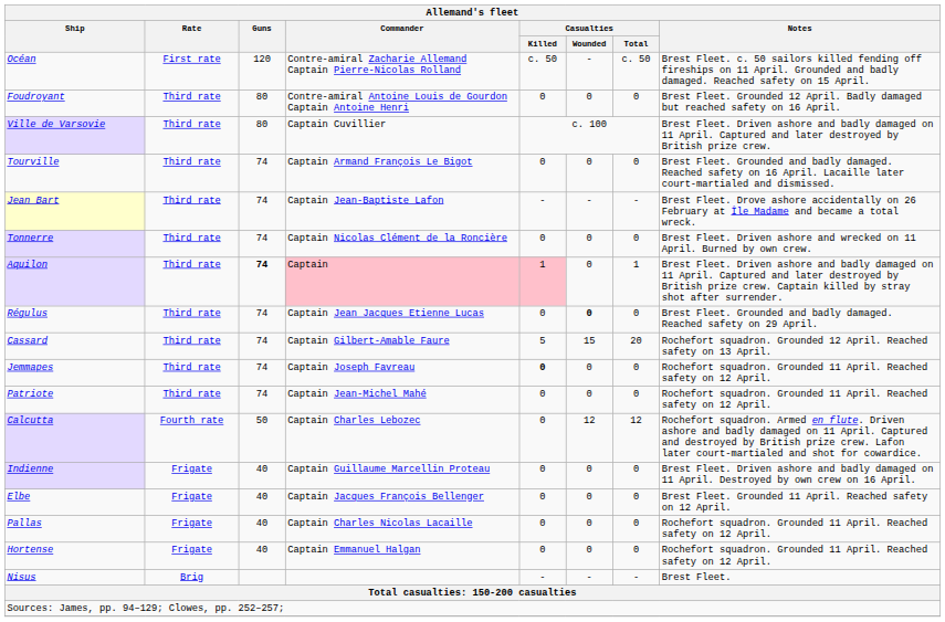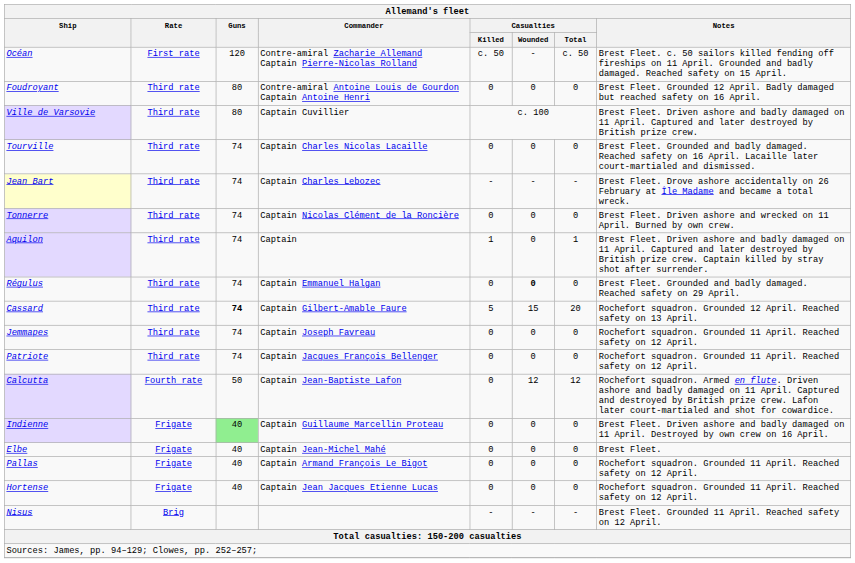 <table class="wikitable" width=100%>
 <tr valign="top">
 <th colspan="11" bgcolor="white">Allemand's fleet</th>
 </tr>
 <tr valign="top"|- valign="top">
 <th width=15%; align= center rowspan=2><small> Ship </small></th>
 <th width=10%; align= center rowspan=2><small> Rate </small></th>
 <th width=5%; align= center rowspan=2><small> Guns </small></th>
 <th width=25%; align= center rowspan=2><small> Commander </small></th>
 <th width=15%; align= center colspan=3><small>Casualties</small></th>
 <th width=30%; align= center rowspan=2><small>Notes</small></th>
 </tr>
 <tr valign="top">
 <th width=5%; align= center><small> Killed </small></th>
 <th width=5%; align= center><small> Wounded </small></th>
 <th width=5%; align= center><small> Total</small></th>
 </tr>
 <tr valign="top">
 <td align= left><a href='#'><em>Océan</em></a></td>
 <td align= center><a href='#'>First rate</a></td>
 <td align= center>120</td>
 <td align= left>Contre-amiral <a href='#'>Zacharie Allemand</a> <br>Captain <a href='#'>Pierre-Nicolas Rolland</a></td>
 <td align= center>c. 50</td>
 <td align= center>-</td>
 <td align= center>c. 50</td>
 <td align= left>Brest Fleet. c. 50 sailors killed fending off fireships on 11 April. Grounded and badly damaged. Reached safety on 15 April.</td>
 </tr>
 <tr valign="top">
 <td align= left><a href='#'><em>Foudroyant</em></a></td>
 <td align= center><a href='#'>Third rate</a></td>
 <td align= center>80</td>
 <td align= left>Contre-amiral <a href='#'>Antoine Louis de Gourdon</a><br>Captain <a href='#'>Antoine Henri</a></td>
 <td align= center>0</td>
 <td align= center>0</td>
 <td align= center>0</td>
 <td align= left>Brest Fleet. Grounded 12 April. Badly damaged but reached safety on 16 April.</td>
 </tr>
 <tr valign="top">
 <td bgcolor="#e3d9ff" align= left><a href='#'><em>Ville de Varsovie</em></a></td>
 <td align= center><a href='#'>Third rate</a></td>
 <td align= center>80</td>
 <td align= left>Captain Cuvillier </td>
 <td colspan="3" align="center">c. 100</td>
 <td align= left>Brest Fleet. Driven ashore and badly damaged on 11 April. Captured and later destroyed by British prize crew.</td>
 </tr>
 <tr valign="top">
 <td align= left><a href='#'><em>Tourville</em></a></td>
 <td align= center><a href='#'>Third rate</a></td>
 <td align= center>74</td>
-<td align= left>Captain <a href='#'>Armand François Le Bigot</a></td>
+<td align= left>Captain <a href='#'>Charles Nicolas Lacaille</a></td>
 <td align= center>0</td>
 <td align= center>0</td>
 <td align= center>0</td>
 <td align= left>Brest Fleet. Grounded and badly damaged. Reached safety on 16 April. Lacaille later court-martialed and dismissed.</td>
 </tr>
 <tr valign="top">
 <td style="background:#FFFFCC; align= left"><a href='#'><em>Jean Bart</em></a></td>
 <td align= center><a href='#'>Third rate</a></td>
 <td align= center>74</td>
-<td align= left>Captain <a href='#'>Jean-Baptiste Lafon</a></td>
+<td align= left>Captain <a href='#'>Charles Lebozec</a></td>
 <td align= center>-</td>
 <td align= center>-</td>
 <td align= center>-</td>
 <td align= left>Brest Fleet. Drove ashore accidentally on 26 February at <a href='#'>Île Madame</a> and became a total wreck.</td>
 </tr>
 <tr valign="top">
 <td bgcolor="#e3d9ff" align= left><a href='#'><em>Tonnerre</em></a></td>
 <td align= center><a href='#'>Third rate</a></td>
 <td align= center>74</td>
 <td align= left>Captain <a href='#'>Nicolas Clément de la Roncière</a></td>
 <td align= center>0</td>
 <td align= center>0</td>
 <td align= center>0</td>
 <td align= left>Brest Fleet. Driven ashore and wrecked on 11 April. Burned by own crew.</td>
 </tr>
 <tr valign="top">
 <td bgcolor="#e3d9ff" align= left><a href='#'><em>Aquilon</em></a></td>
 <td align= center><a href='#'>Third rate</a></td>
-<td align= center><strong>74</strong></td>
-<td align= left style="background: pink;">Captain  </td>
-<td align= center style="background: pink;">1</td>
+<td align= center>74</td>
+<td align= left>Captain  </td>
+<td align= center>1</td>
 <td align= center>0</td>
 <td align= center>1</td>
 <td align= left>Brest Fleet. Driven ashore and badly damaged on 11 April. Captured and later destroyed by British prize crew. Captain killed by stray shot after surrender.</td>
 </tr>
 <tr valign="top">
 <td align= left><a href='#'><em>Régulus</em></a></td>
 <td align= center><a href='#'>Third rate</a></td>
 <td align= center>74</td>
-<td align= left>Captain <a href='#'>Jean Jacques Etienne Lucas</a></td>
+<td align= left>Captain <a href='#'>Emmanuel Halgan</a></td>
 <td align= center>0</td>
 <td align= center><strong>0</strong></td>
 <td align= center>0</td>
 <td align= left>Brest Fleet. Grounded and badly damaged. Reached safety on 29 April.</td>
 </tr>
 <tr valign="top">
 <td align= left><a href='#'><em>Cassard</em></a></td>
 <td align= center><a href='#'>Third rate</a></td>
-<td align= center>74</td>
+<td align= center><strong>74</strong></td>
 <td align= left>Captain <a href='#'>Gilbert-Amable Faure</a></td>
 <td align= center>5</td>
 <td align= center>15</td>
 <td align= center>20</td>
 <td align= left>Rochefort squadron. Grounded 12 April. Reached safety on 13 April.</td>
 </tr>
 <tr valign="top">
 <td align= left><a href='#'><em>Jemmapes</em></a></td>
 <td align= center><a href='#'>Third rate</a></td>
 <td align= center>74</td>
 <td align= left>Captain <a href='#'>Joseph Favreau</a></td>
-<td align= center><strong>0</strong></td>
+<td align= center>0</td>
 <td align= center>0</td>
 <td align= center>0</td>
 <td align= left>Rochefort squadron. Grounded 11 April. Reached safety on 12 April.</td>
 </tr>
 <tr valign="top">
 <td align= left><a href='#'><em>Patriote</em></a></td>
 <td align= center><a href='#'>Third rate</a></td>
 <td align= center>74</td>
-<td align= left>Captain <a href='#'>Jean-Michel Mahé</a></td>
+<td align= left>Captain <a href='#'>Jacques François Bellenger</a></td>
 <td align= center>0</td>
 <td align= center>0</td>
 <td align= center>0</td>
 <td align= left>Rochefort squadron. Grounded 11 April. Reached safety on 12 April.</td>
 </tr>
 <tr valign="top">
 <td bgcolor="#e3d9ff" align= left><a href='#'><em>Calcutta</em></a></td>
 <td align= center><a href='#'>Fourth rate</a></td>
 <td align= center>50</td>
-<td align= left>Captain <a href='#'>Charles Lebozec</a></td>
+<td align= left>Captain <a href='#'>Jean-Baptiste Lafon</a></td>
 <td align= center>0</td>
 <td align= center>12</td>
 <td align= center>12</td>
 <td align= left>Rochefort squadron. Armed <em><a href='#'>en flute</a></em>. Driven ashore and badly damaged on 11 April. Captured and destroyed by British prize crew. Lafon later court-martialed and shot for cowardice.</td>
 </tr>
 <tr valign="top">
 <td bgcolor="#e3d9ff"  align= left><a href='#'><em>Indienne</em></a></td>
 <td align= center><a href='#'>Frigate</a></td>
-<td align= center>40</td>
+<td align= center style="background: lightgreen;">40</td>
 <td align= left>Captain <a href='#'>Guillaume Marcellin Proteau</a></td>
 <td align= center>0</td>
 <td align= center>0</td>
 <td align= center>0</td>
 <td align= left>Brest Fleet. Driven ashore and badly damaged on 11 April. Destroyed by own crew on 16 April.</td>
 </tr>
 <tr valign="top">
 <td align= left><a href='#'><em>Elbe</em></a></td>
 <td align= center><a href='#'>Frigate</a></td>
 <td align= center>40</td>
-<td align= left>Captain <a href='#'>Jacques François Bellenger</a></td>
+<td align= left>Captain <a href='#'>Jean-Michel Mahé</a></td>
 <td align= center>0</td>
 <td align= center>0</td>
 <td align= center>0</td>
-<td align= left>Brest Fleet. Grounded 11 April. Reached safety on 12 April.</td>
+<td align= left>Brest Fleet.</td>
 </tr>
 <tr valign="top">
 <td align= left><a href='#'><em>Pallas</em></a></td>
 <td align= center><a href='#'>Frigate</a></td>
 <td align= center>40</td>
-<td align= left>Captain <a href='#'>Charles Nicolas Lacaille</a></td>
+<td align= left>Captain <a href='#'>Armand François Le Bigot</a></td>
 <td align= center>0</td>
 <td align= center>0</td>
 <td align= center>0</td>
 <td align= left>Rochefort squadron. Grounded 11 April. Reached safety on 12 April.</td>
 </tr>
 <tr valign="top">
 <td align= left><a href='#'><em>Hortense</em></a></td>
 <td align= center><a href='#'>Frigate</a></td>
 <td align= center>40</td>
-<td align= left>Captain <a href='#'>Emmanuel Halgan</a></td>
+<td align= left>Captain <a href='#'>Jean Jacques Etienne Lucas</a></td>
 <td align= center>0</td>
 <td align= center>0</td>
 <td align= center>0</td>
 <td align= left>Rochefort squadron. Grounded 11 April. Reached safety on 12 April.</td>
 </tr>
 <tr valign="top">
 <td align= left><a href='#'><em>Nisus</em></a></td>
 <td align= center><a href='#'>Brig</a></td>
 <td align= center></td>
 <td align= left></td>
 <td align= center>-</td>
 <td align= center>-</td>
 <td align= center>-</td>
-<td align= left>Brest Fleet.</td>
+<td align= left>Brest Fleet. Grounded 11 April. Reached safety on 12 April.</td>
 </tr>
 <tr valign="top">
 <th colspan="11" bgcolor="white">Total casualties: 150-200 casualties</th>
 </tr>
 <tr valign="top">
 <td colspan="8" align="left">Sources: James, pp. 94–129; Clowes, pp. 252–257; </td>
 </tr>
 <tr>
 </tr>
 </table>
